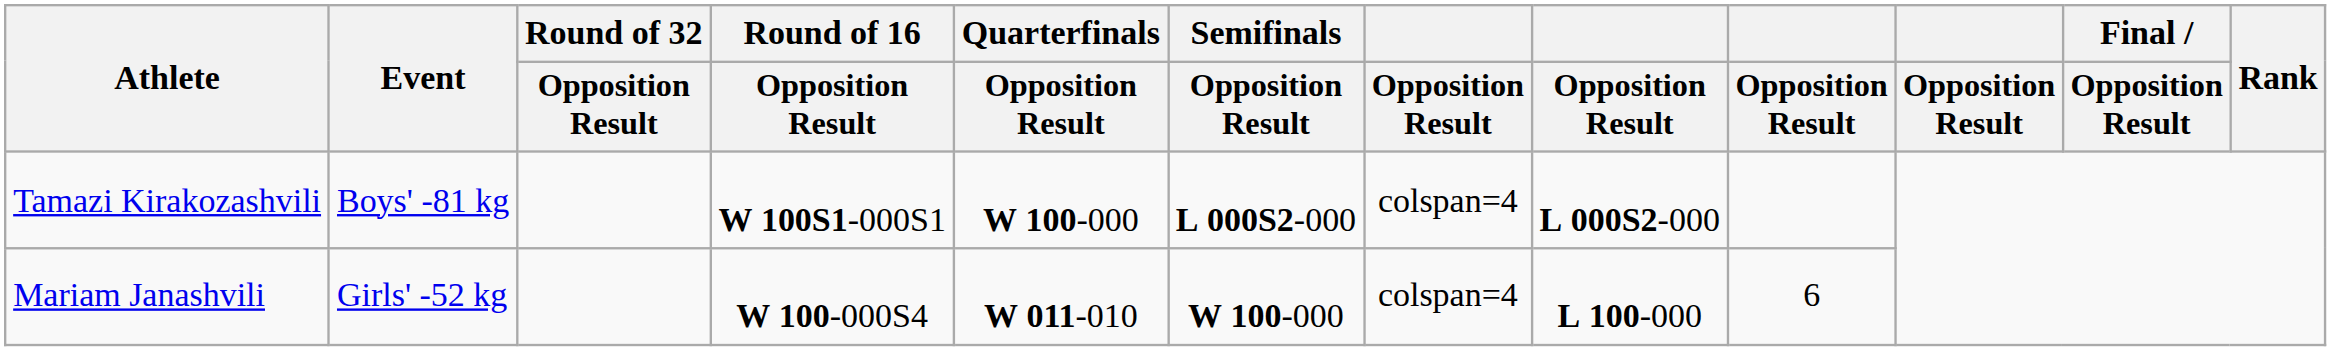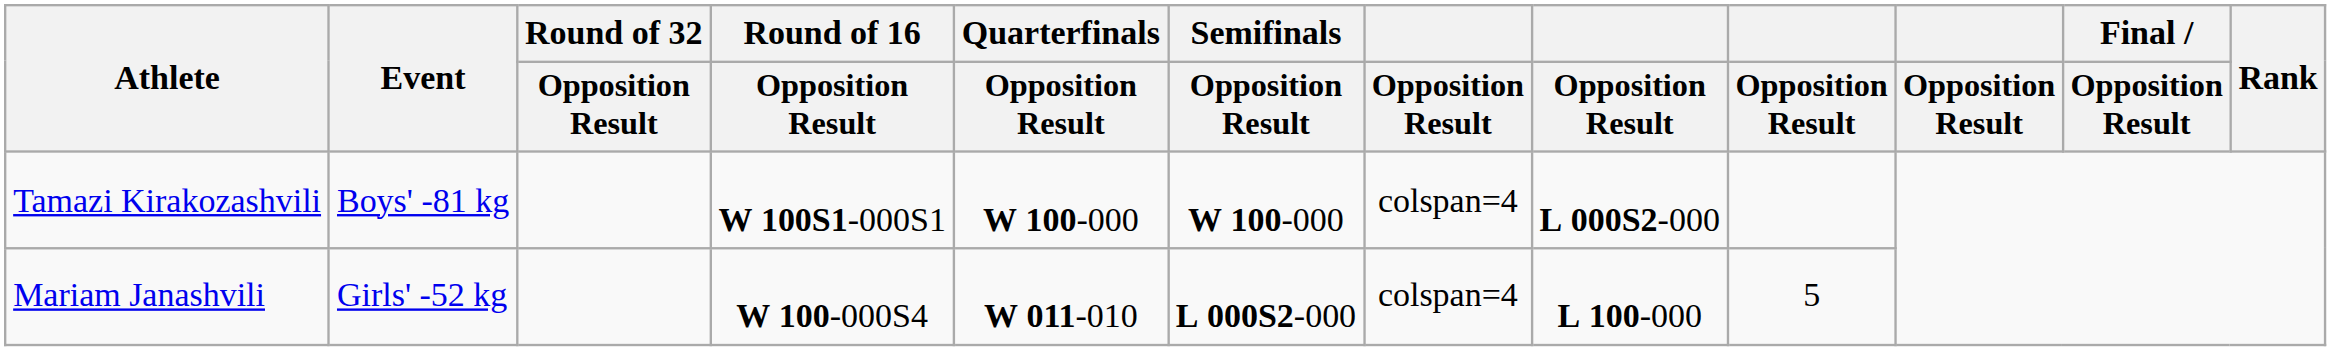 <table class="wikitable" style="font-size:90%">
 <tr>
 <th rowspan="2">Athlete</th>
 <th rowspan="2">Event</th>
 <th>Round of 32</th>
 <th>Round of 16</th>
 <th>Quarterfinals</th>
 <th>Semifinals</th>
 <th></th>
 <th></th>
 <th></th>
 <th></th>
 <th>Final / </th>
 <th rowspan=2>Rank</th>
 </tr>
 <tr style="font-size:95%">
 <th>Opposition<br>Result</th>
 <th>Opposition<br>Result</th>
 <th>Opposition<br>Result</th>
 <th>Opposition<br>Result</th>
 <th>Opposition<br>Result</th>
 <th>Opposition<br>Result</th>
 <th>Opposition<br>Result</th>
 <th>Opposition<br>Result</th>
 <th>Opposition<br>Result</th>
 </tr>
 <tr align=center>
 <td align=left><a href='#'>Tamazi Kirakozashvili</a></td>
 <td align=left><a href='#'>Boys' -81 kg</a></td>
 <td></td>
 <td> <br> <strong>W</strong> <strong>100S1</strong>-000S1</td>
 <td> <br> <strong>W</strong> <strong>100</strong>-000</td>
-<td> <br> <strong>L</strong> <strong>000S2</strong>-000</td>
+<td> <br> <strong>W</strong> <strong>100</strong>-000</td>
 <td>colspan=4 </td>
 <td> <br> <strong>L</strong> <strong>000S2</strong>-000</td>
 <td></td>
 </tr>
 <tr align=center>
 <td align=left><a href='#'>Mariam Janashvili</a></td>
 <td align=left><a href='#'>Girls' -52 kg</a></td>
 <td></td>
 <td> <br> <strong>W</strong> <strong>100</strong>-000S4</td>
 <td> <br> <strong>W</strong> <strong>011</strong>-010</td>
-<td> <br> <strong>W</strong> <strong>100</strong>-000</td>
+<td> <br> <strong>L</strong> <strong>000S2</strong>-000</td>
 <td>colspan=4 </td>
 <td> <br> <strong>L</strong> <strong>100</strong>-000</td>
-<td>6</td>
+<td>5</td>
 </tr>
 </table>
